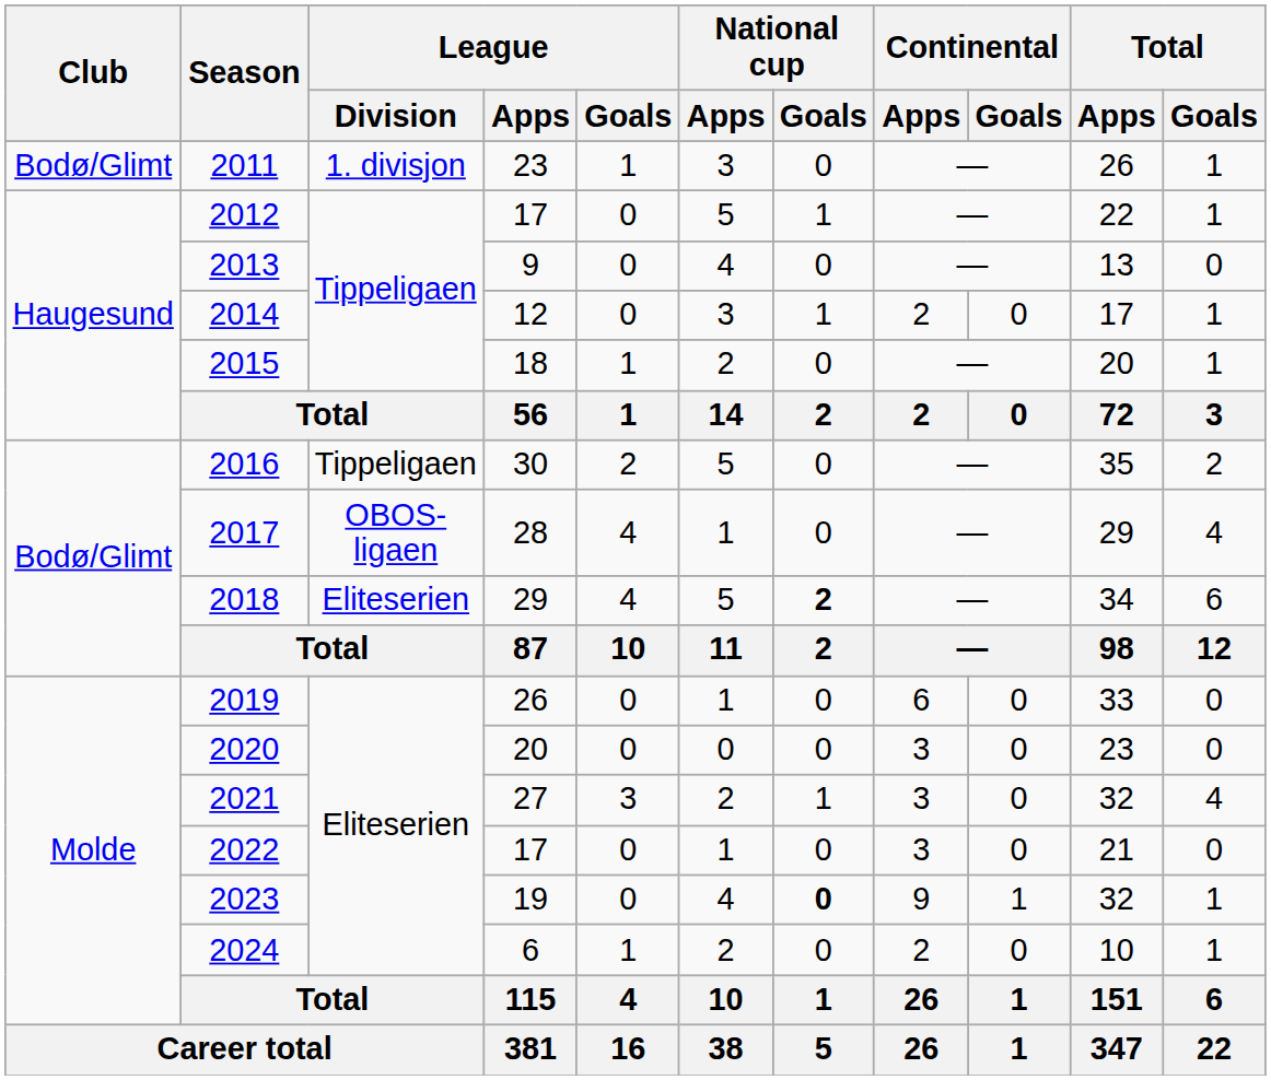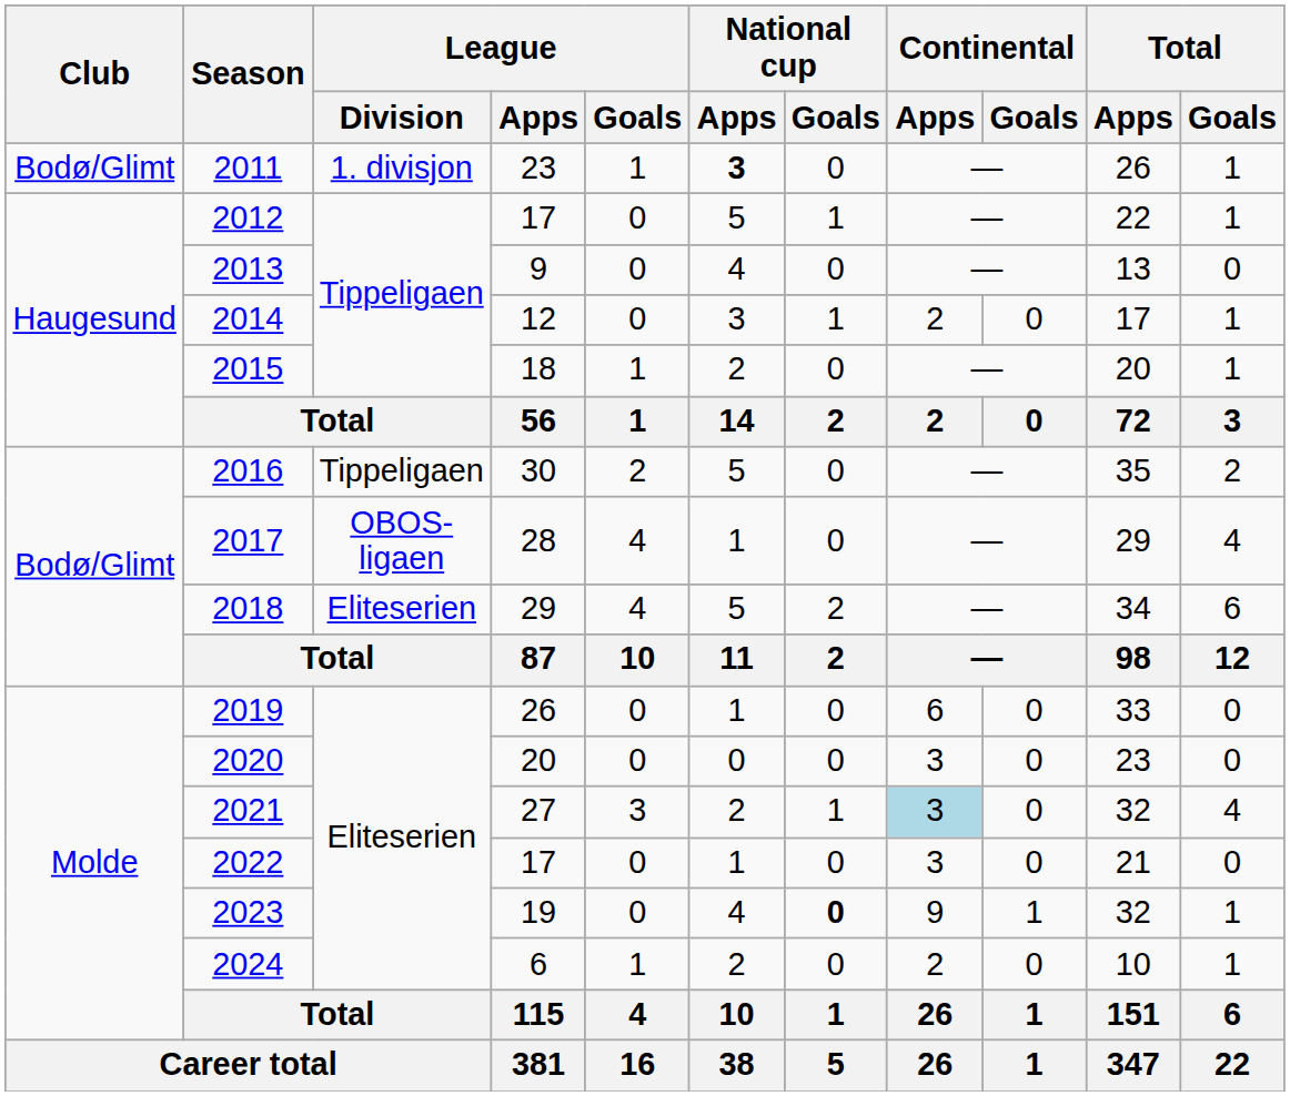 <table class="wikitable" style="text-align:center">
 <tr>
 <th rowspan="2">Club</th>
 <th rowspan="2">Season</th>
 <th colspan="3">League</th>
 <th colspan="2">National cup</th>
 <th colspan="2">Continental</th>
 <th colspan="2">Total</th>
 </tr>
 <tr>
 <th>Division</th>
 <th>Apps</th>
 <th>Goals</th>
 <th>Apps</th>
 <th>Goals</th>
 <th>Apps</th>
 <th>Goals</th>
 <th>Apps</th>
 <th>Goals</th>
 </tr>
 <tr>
 <td><a href='#'>Bodø/Glimt</a></td>
 <td><a href='#'>2011</a></td>
 <td><a href='#'>1. divisjon</a></td>
 <td>23</td>
 <td>1</td>
-<td>3</td>
+<td><strong>3</strong></td>
 <td>0</td>
 <td colspan="2">—</td>
 <td>26</td>
 <td>1</td>
 </tr>
 <tr>
 <td rowspan="5"><a href='#'>Haugesund</a></td>
 <td><a href='#'>2012</a></td>
 <td rowspan="4"><a href='#'>Tippeligaen</a></td>
 <td>17</td>
 <td>0</td>
 <td>5</td>
 <td>1</td>
 <td colspan="2">—</td>
 <td>22</td>
 <td>1</td>
 </tr>
 <tr>
 <td><a href='#'>2013</a></td>
 <td>9</td>
 <td>0</td>
 <td>4</td>
 <td>0</td>
 <td colspan="2">—</td>
 <td>13</td>
 <td>0</td>
 </tr>
 <tr>
 <td><a href='#'>2014</a></td>
 <td>12</td>
 <td>0</td>
 <td>3</td>
 <td>1</td>
 <td>2</td>
 <td>0</td>
 <td>17</td>
 <td>1</td>
 </tr>
 <tr>
 <td><a href='#'>2015</a></td>
 <td>18</td>
 <td>1</td>
 <td>2</td>
 <td>0</td>
 <td colspan="2">—</td>
 <td>20</td>
 <td>1</td>
 </tr>
 <tr>
 <th colspan="2">Total</th>
 <th>56</th>
 <th>1</th>
 <th>14</th>
 <th>2</th>
 <th>2</th>
 <th>0</th>
 <th>72</th>
 <th>3</th>
 </tr>
 <tr>
 <td rowspan="4"><a href='#'>Bodø/Glimt</a></td>
 <td><a href='#'>2016</a></td>
 <td>Tippeligaen</td>
 <td>30</td>
 <td>2</td>
 <td>5</td>
 <td>0</td>
 <td colspan="2">—</td>
 <td>35</td>
 <td>2</td>
 </tr>
 <tr>
 <td><a href='#'>2017</a></td>
 <td><a href='#'>OBOS-ligaen</a></td>
 <td>28</td>
 <td>4</td>
 <td>1</td>
 <td>0</td>
 <td colspan="2">—</td>
 <td>29</td>
 <td>4</td>
 </tr>
 <tr>
 <td><a href='#'>2018</a></td>
 <td><a href='#'>Eliteserien</a></td>
 <td>29</td>
 <td>4</td>
 <td>5</td>
-<td><strong>2</strong></td>
+<td>2</td>
 <td colspan="2">—</td>
 <td>34</td>
 <td>6</td>
 </tr>
 <tr>
 <th colspan="2">Total</th>
 <th>87</th>
 <th>10</th>
 <th>11</th>
 <th>2</th>
 <th colspan="2">—</th>
 <th>98</th>
 <th>12</th>
 </tr>
 <tr>
 <td rowspan="7"><a href='#'>Molde</a></td>
 <td><a href='#'>2019</a></td>
 <td rowspan="6">Eliteserien</td>
 <td>26</td>
 <td>0</td>
 <td>1</td>
 <td>0</td>
 <td>6</td>
 <td>0</td>
 <td>33</td>
 <td>0</td>
 </tr>
 <tr>
 <td><a href='#'>2020</a></td>
 <td>20</td>
 <td>0</td>
 <td>0</td>
 <td>0</td>
 <td>3</td>
 <td>0</td>
 <td>23</td>
 <td>0</td>
 </tr>
 <tr>
 <td><a href='#'>2021</a></td>
 <td>27</td>
 <td>3</td>
 <td>2</td>
 <td>1</td>
-<td>3</td>
+<td style="background: lightblue;">3</td>
 <td>0</td>
 <td>32</td>
 <td>4</td>
 </tr>
 <tr>
 <td><a href='#'>2022</a></td>
 <td>17</td>
 <td>0</td>
 <td>1</td>
 <td>0</td>
 <td>3</td>
 <td>0</td>
 <td>21</td>
 <td>0</td>
 </tr>
 <tr>
 <td><a href='#'>2023</a></td>
 <td>19</td>
 <td>0</td>
 <td>4</td>
 <td><strong>0</strong></td>
 <td>9</td>
 <td>1</td>
 <td>32</td>
 <td>1</td>
 </tr>
 <tr>
 <td><a href='#'>2024</a></td>
 <td>6</td>
 <td>1</td>
 <td>2</td>
 <td>0</td>
 <td>2</td>
 <td>0</td>
 <td>10</td>
 <td>1</td>
 </tr>
 <tr>
 <th colspan="2">Total</th>
 <th>115</th>
 <th>4</th>
 <th>10</th>
 <th>1</th>
 <th>26</th>
 <th>1</th>
 <th>151</th>
 <th>6</th>
 </tr>
 <tr>
 <th colspan="3">Career total</th>
 <th>381</th>
 <th>16</th>
 <th>38</th>
 <th>5</th>
 <th>26</th>
 <th>1</th>
 <th>347</th>
 <th>22</th>
 </tr>
 </table>
